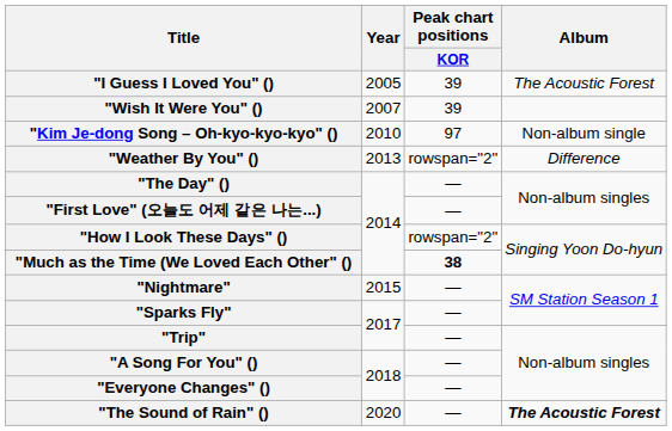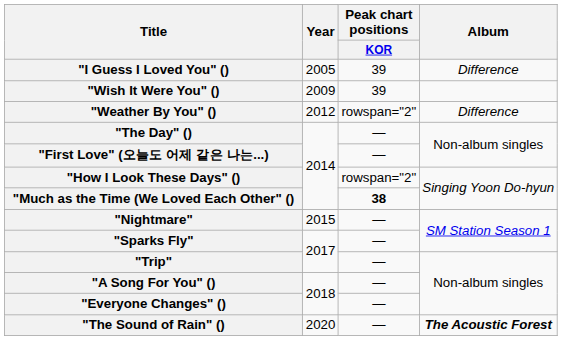 <table class="wikitable plainrowheaders" style="text-align:center;">
 <tr>
 <th rowspan="2" scope="col" style="width:22em;">Title</th>
 <th rowspan="2" scope="col">Year</th>
 <th scope="col">Peak chart positions</th>
 <th rowspan="2" scope="col">Album</th>
 </tr>
 <tr>
 <th scope="col" style="width:2.5em;font-size:90%;"><a href='#'>KOR</a><br></th>
 </tr>
 <tr>
 <th scope="row">"I Guess I Loved You" ()</th>
 <td>2005</td>
 <td>39</td>
-<td><em>The Acoustic Forest</em></td>
+<td><em>Difference</em></td>
 </tr>
 <tr>
 <th scope="row">"Wish It Were You" ()</th>
-<td>2007</td>
+<td>2009</td>
 <td>39</td>
 </tr>
 <tr>
-<th scope="row">"<a href='#'>Kim Je-dong</a> Song – Oh-kyo-kyo-kyo" ()</th>
-<td>2010</td>
-<td>97</td>
-<td>Non-album single</td>
-</tr>
-<tr>
 <th scope="row">"Weather By You" ()</th>
-<td>2013</td>
+<td>2012</td>
 <td>rowspan="2" </td>
 <td><em>Difference</em></td>
 </tr>
 <tr>
 <th scope="row">"The Day" () </th>
 <td rowspan="4">2014</td>
 <td>—</td>
 <td rowspan="2">Non-album singles</td>
 </tr>
 <tr>
 <th scope="row">"First Love" (오늘도 어제 같은 나는...)</th>
 <td>—</td>
 </tr>
 <tr>
 <th scope="row">"How I Look These Days" () </th>
 <td>rowspan="2" </td>
 <td rowspan="2"><em>Singing Yoon Do-hyun</em></td>
 </tr>
 <tr>
 <th scope="row">"Much as the Time (We Loved Each Other" ()</th>
 <td><strong>38</strong></td>
 </tr>
 <tr>
 <th scope="row">"Nightmare" </th>
 <td>2015</td>
 <td>—</td>
 <td rowspan="2"><em><a href='#'>SM Station Season 1</a></em></td>
 </tr>
 <tr>
 <th scope="row">"Sparks Fly"</th>
 <td rowspan="2">2017</td>
 <td>—</td>
 </tr>
 <tr>
 <th scope="row">"Trip"</th>
 <td>—</td>
 <td rowspan="3">Non-album singles</td>
 </tr>
 <tr>
 <th scope="row">"A Song For You" ()</th>
 <td rowspan="2">2018</td>
 <td>—</td>
 </tr>
 <tr>
 <th scope="row">"Everyone Changes" () </th>
 <td>—</td>
 </tr>
 <tr>
 <th scope="row">"The Sound of Rain" ()</th>
 <td>2020</td>
 <td>—</td>
 <td><strong><em>The Acoustic Forest</em></strong></td>
 </tr>
 </table>
